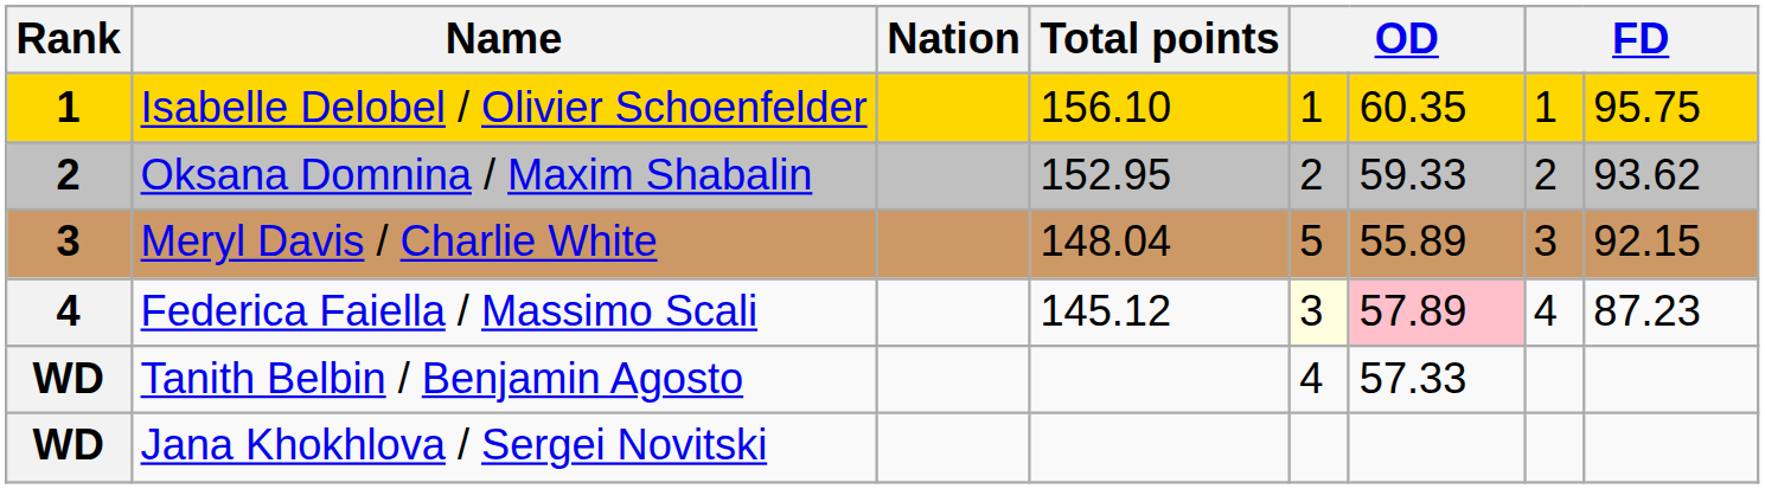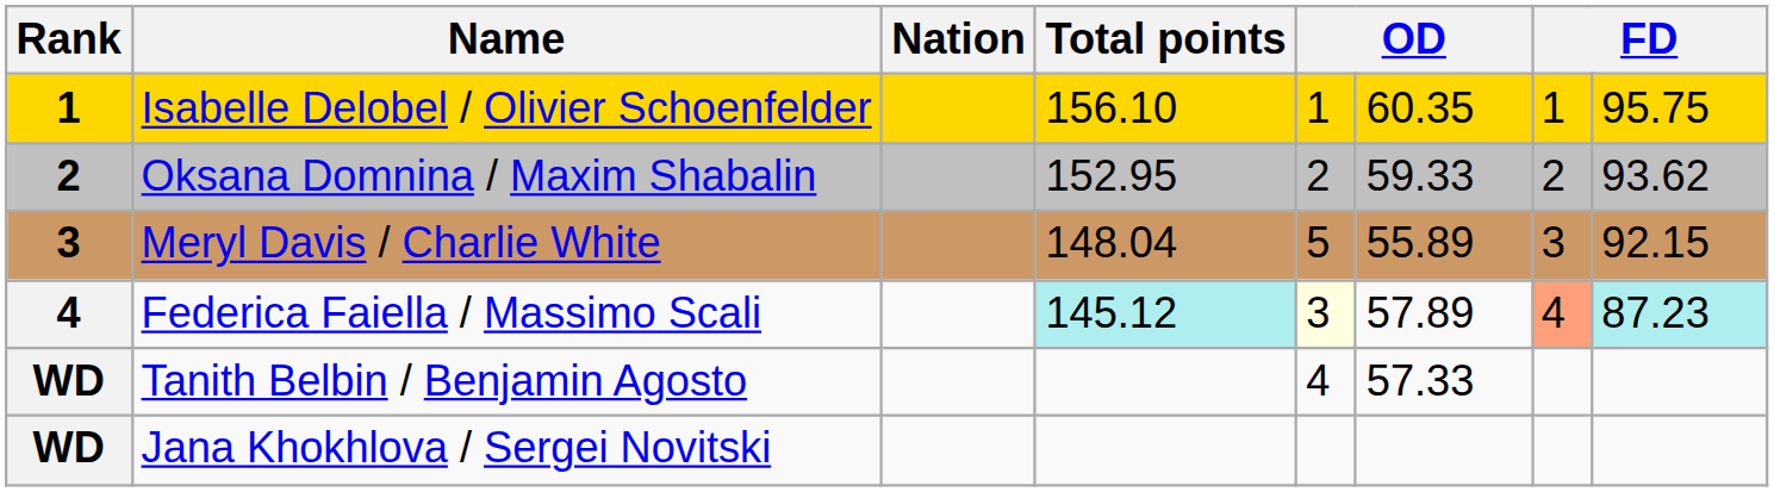 <table class="wikitable">
 <tr>
 <th>Rank</th>
 <th>Name</th>
 <th>Nation</th>
 <th>Total points</th>
 <th colspan="2" width="80px"><a href='#'>OD</a></th>
 <th colspan="2" width="80px"><a href='#'>FD</a></th>
 </tr>
 <tr bgcolor="gold">
 <td align="center"><strong>1</strong></td>
 <td><a href='#'>Isabelle Delobel</a> / <a href='#'>Olivier Schoenfelder</a></td>
 <td></td>
 <td>156.10</td>
 <td>1</td>
 <td>60.35</td>
 <td>1</td>
 <td>95.75</td>
 </tr>
 <tr bgcolor="silver">
 <td align="center"><strong>2</strong></td>
 <td><a href='#'>Oksana Domnina</a> / <a href='#'>Maxim Shabalin</a></td>
 <td></td>
 <td>152.95</td>
 <td>2</td>
 <td>59.33</td>
 <td>2</td>
 <td>93.62</td>
 </tr>
 <tr bgcolor="cc9966">
 <td align="center"><strong>3</strong></td>
 <td><a href='#'>Meryl Davis</a> / <a href='#'>Charlie White</a></td>
 <td></td>
 <td>148.04</td>
 <td>5</td>
 <td>55.89</td>
 <td>3</td>
 <td>92.15</td>
 </tr>
 <tr>
 <th>4</th>
 <td><a href='#'>Federica Faiella</a> / <a href='#'>Massimo Scali</a></td>
 <td></td>
-<td>145.12</td>
+<td style="background: paleturquoise;">145.12</td>
 <td style="background: lightyellow;">3</td>
-<td style="background: pink;">57.89</td>
-<td>4</td>
-<td>87.23</td>
+<td>57.89</td>
+<td style="background: lightsalmon;">4</td>
+<td style="background: paleturquoise;">87.23</td>
 </tr>
 <tr>
 <th>WD</th>
 <td><a href='#'>Tanith Belbin</a> / <a href='#'>Benjamin Agosto</a></td>
 <td></td>
 <td></td>
 <td>4</td>
 <td>57.33</td>
 <td></td>
 <td></td>
 </tr>
 <tr>
 <th>WD</th>
 <td><a href='#'>Jana Khokhlova</a> / <a href='#'>Sergei Novitski</a></td>
 <td></td>
 <td></td>
 <td></td>
 <td></td>
 <td></td>
 <td></td>
 </tr>
 </table>
